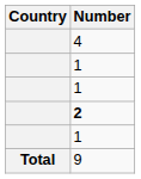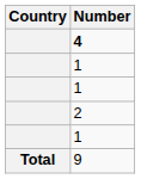 <table class="wikitable plainrowheaders sortable">
 <tr>
 <th scope=col>Country</th>
 <th scope=col>Number</th>
 </tr>
 <tr>
 <th scope=row></th>
-<td>4</td>
+<td><strong>4</strong></td>
 </tr>
 <tr>
 <th scope=row></th>
 <td>1</td>
 </tr>
 <tr>
 <th scope=row></th>
 <td>1</td>
 </tr>
 <tr>
 <th scope=row></th>
-<td><strong>2</strong></td>
+<td>2</td>
 </tr>
 <tr>
 <th scope=row></th>
 <td>1</td>
 </tr>
 <tr class="sortbottom">
 <th scope=row><strong>Total</strong></th>
 <td>9</td>
 </tr>
 </table>
